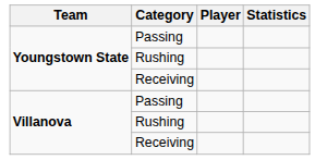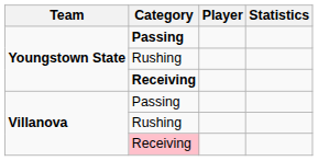 <table class="wikitable" style="float: right;">
 <tr>
 <th>Team</th>
 <th>Category</th>
 <th>Player</th>
 <th>Statistics</th>
 </tr>
 <tr>
 <td rowspan=3><strong>Youngstown State</strong></td>
-<td>Passing</td>
+<td><strong>Passing</strong></td>
 <td></td>
 <td></td>
 </tr>
 <tr>
 <td>Rushing</td>
 <td></td>
 <td></td>
 </tr>
 <tr>
-<td>Receiving</td>
+<td><strong>Receiving</strong></td>
 <td></td>
 <td></td>
 </tr>
 <tr>
 <td rowspan=3><strong>Villanova</strong></td>
 <td>Passing</td>
 <td></td>
 <td></td>
 </tr>
 <tr>
 <td>Rushing</td>
 <td></td>
 <td></td>
 </tr>
 <tr>
-<td>Receiving</td>
+<td style="background: pink;">Receiving</td>
 <td></td>
 <td></td>
 </tr>
 </table>
